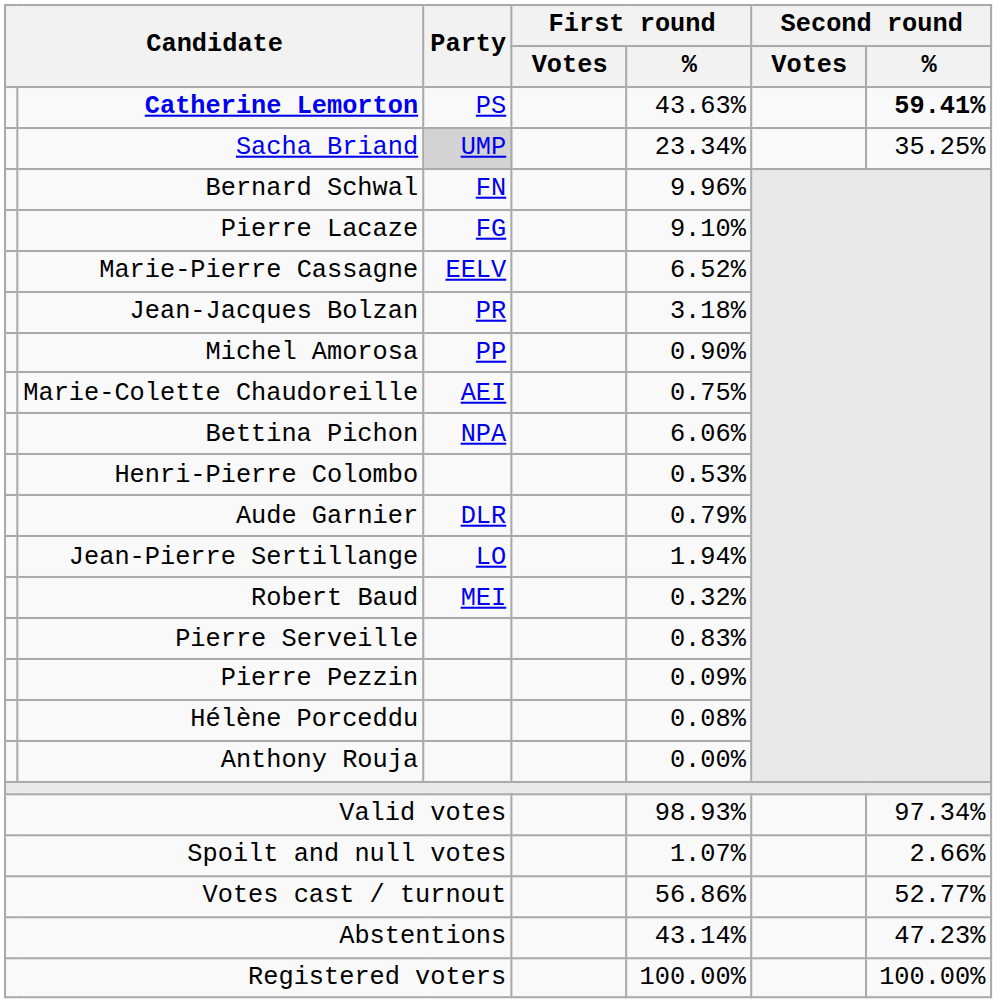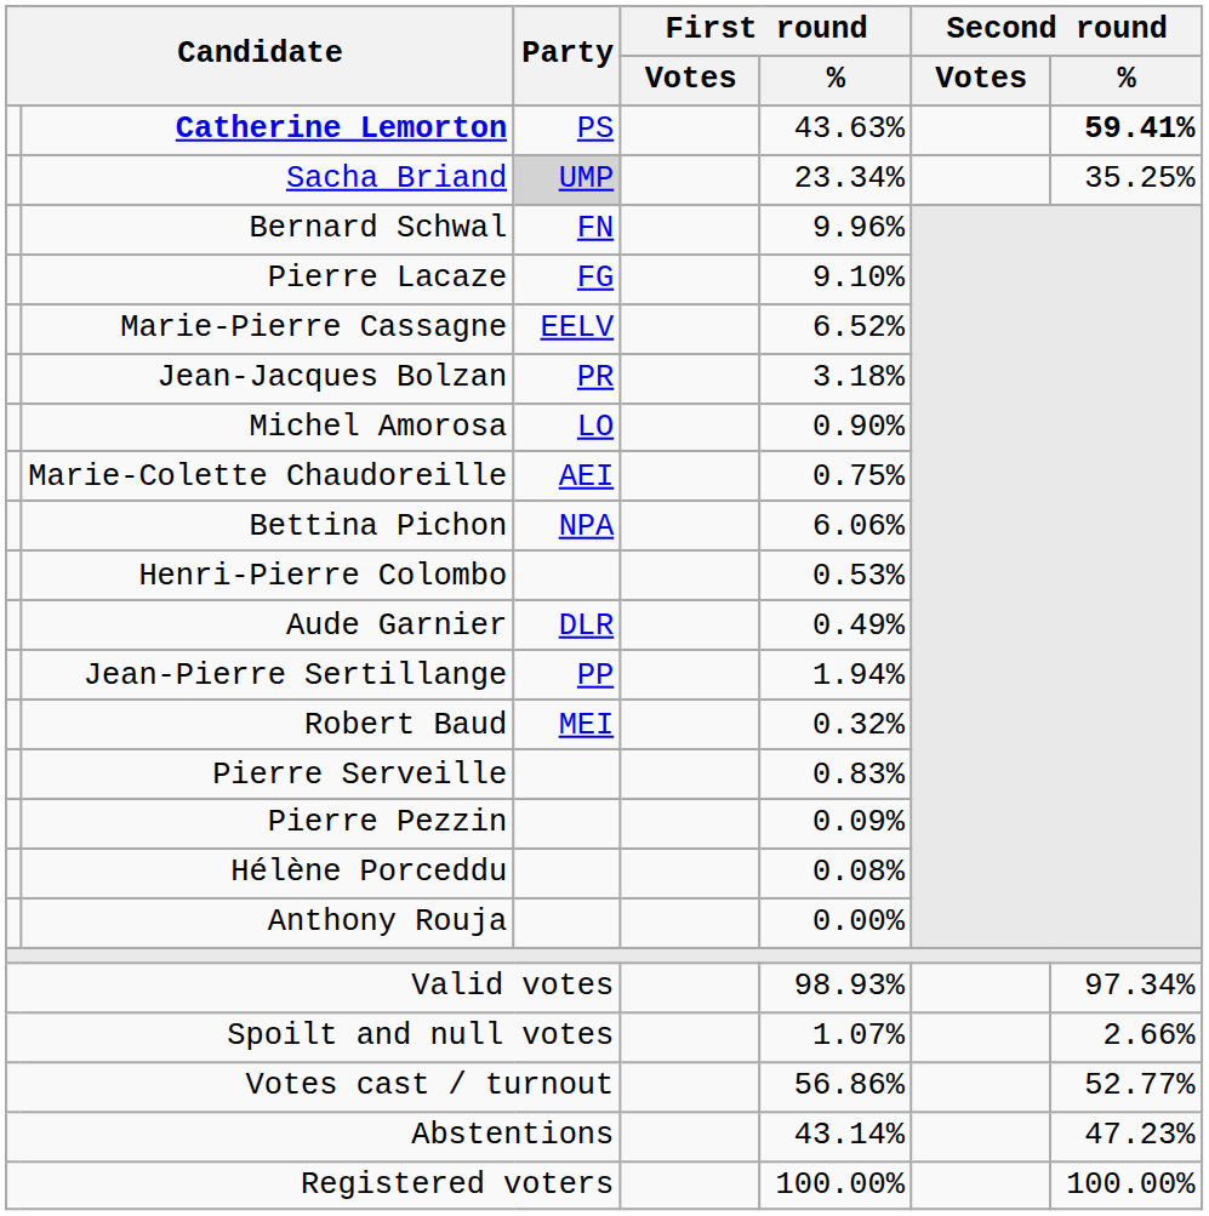 <table class="wikitable" style="text-align:right;font-size:95%;">
 <tr>
 <th rowspan=2 colspan=2>Candidate</th>
 <th rowspan=2 colspan=1>Party</th>
 <th colspan=2>First round</th>
 <th colspan=2>Second round</th>
 </tr>
 <tr>
 <th style="width:50px;">Votes</th>
 <th style="width:55px;">%</th>
 <th style="width:50px;">Votes</th>
 <th style="width:55px;">%</th>
 </tr>
 <tr>
 <td style="color:inherit;background-color:"></td>
 <td><strong><a href='#'>Catherine Lemorton</a></strong></td>
 <td><a href='#'>PS</a></td>
 <td></td>
 <td>43.63%</td>
 <td><strong></strong></td>
 <td><strong>59.41%</strong></td>
 </tr>
 <tr>
 <td style="color:inherit;background-color:"></td>
 <td><a href='#'>Sacha Briand</a></td>
 <td style="background: lightgrey;"><a href='#'>UMP</a></td>
 <td></td>
 <td>23.34%</td>
 <td></td>
 <td>35.25%</td>
 </tr>
 <tr>
 <td style="color:inherit;background-color:"></td>
 <td>Bernard Schwal</td>
 <td><a href='#'>FN</a></td>
 <td></td>
 <td>9.96%</td>
 <td colspan=7 rowspan=15 style="background-color:#E9E9E9;"></td>
 </tr>
 <tr>
 <td style="color:inherit;background-color:"></td>
 <td>Pierre Lacaze</td>
 <td><a href='#'>FG</a></td>
 <td></td>
 <td>9.10%</td>
 </tr>
 <tr>
 <td style="color:inherit;background-color:"></td>
 <td>Marie-Pierre Cassagne</td>
 <td><a href='#'>EELV</a></td>
 <td></td>
 <td>6.52%</td>
 </tr>
 <tr>
 <td style="color:inherit;background-color:"></td>
 <td>Jean-Jacques Bolzan</td>
 <td><a href='#'>PR</a></td>
 <td></td>
 <td>3.18%</td>
 </tr>
 <tr>
 <td style="color:inherit;background-color:"></td>
 <td>Michel Amorosa</td>
-<td><a href='#'>PP</a></td>
+<td><a href='#'>LO</a></td>
 <td></td>
 <td>0.90%</td>
 </tr>
 <tr>
 <td style="color:inherit;background-color:"></td>
 <td>Marie-Colette Chaudoreille</td>
 <td><a href='#'>AEI</a></td>
 <td></td>
 <td>0.75%</td>
 </tr>
 <tr>
 <td style="color:inherit;background-color:"></td>
 <td>Bettina Pichon</td>
 <td><a href='#'>NPA</a></td>
 <td></td>
 <td>6.06%</td>
 </tr>
 <tr>
 <td style="background-color:;"></td>
 <td>Henri-Pierre Colombo</td>
 <td></td>
 <td></td>
 <td>0.53%</td>
 </tr>
 <tr>
 <td style="color:inherit;background-color:"></td>
 <td>Aude Garnier</td>
 <td><a href='#'>DLR</a></td>
 <td></td>
-<td>0.79%</td>
+<td>0.49%</td>
 </tr>
 <tr>
 <td style="color:inherit;background-color:"></td>
 <td>Jean-Pierre Sertillange</td>
-<td><a href='#'>LO</a></td>
+<td><a href='#'>PP</a></td>
 <td></td>
 <td>1.94%</td>
 </tr>
 <tr>
 <td style="color:inherit;background-color:"></td>
 <td>Robert Baud</td>
 <td><a href='#'>MEI</a></td>
 <td></td>
 <td>0.32%</td>
 </tr>
 <tr>
 <td style="background-color:;"></td>
 <td>Pierre Serveille</td>
 <td></td>
 <td></td>
 <td>0.83%</td>
 </tr>
 <tr>
 <td style="background-color:;"></td>
 <td>Pierre Pezzin</td>
 <td></td>
 <td></td>
 <td>0.09%</td>
 </tr>
 <tr>
 <td style="background-color:;"></td>
 <td>Hélène Porceddu</td>
 <td></td>
 <td></td>
 <td>0.08%</td>
 </tr>
 <tr>
 <td style="background-color:;"></td>
 <td>Anthony Rouja</td>
 <td></td>
 <td></td>
 <td>0.00%</td>
 </tr>
 <tr>
 <td colspan=7 style="background-color:#E9E9E9;"></td>
 </tr>
 <tr>
 <td colspan=3>Valid votes</td>
 <td></td>
 <td>98.93%</td>
 <td></td>
 <td>97.34%</td>
 </tr>
 <tr>
 <td colspan=3>Spoilt and null votes</td>
 <td></td>
 <td>1.07%</td>
 <td></td>
 <td>2.66%</td>
 </tr>
 <tr>
 <td colspan=3>Votes cast / turnout</td>
 <td></td>
 <td>56.86%</td>
 <td></td>
 <td>52.77%</td>
 </tr>
 <tr>
 <td colspan=3>Abstentions</td>
 <td></td>
 <td>43.14%</td>
 <td></td>
 <td>47.23%</td>
 </tr>
 <tr>
 <td colspan=3>Registered voters</td>
 <td></td>
 <td>100.00%</td>
 <td></td>
 <td>100.00%</td>
 </tr>
 </table>
